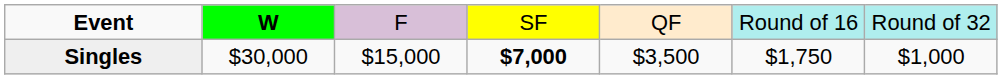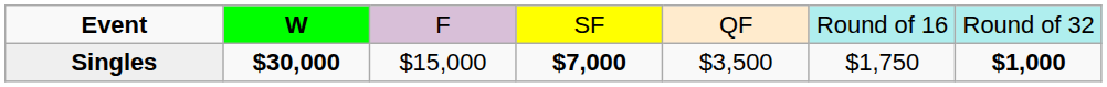 <table class=wikitable style=font-size:95%;text-align:center>
 <tr>
 <td style="width:130px"><strong>Event</strong></td>
 <td style="width:85px; background:lime"><strong>W</strong></td>
 <td style="width:85px; background:thistle">F</td>
 <td style="width:85px; background:#ffff00">SF</td>
 <td style="width:85px; background:#ffebcd">QF</td>
 <td style="width:85px; background:#afeeee">Round of 16</td>
 <td style="width:85px; background:#afeeee">Round of 32</td>
 </tr>
 <tr>
 <th style=background:#efefef>Singles </th>
-<td>$30,000</td>
+<td><strong>$30,000</strong></td>
 <td>$15,000</td>
 <td><strong>$7,000</strong></td>
 <td>$3,500</td>
 <td>$1,750</td>
-<td>$1,000</td>
+<td><strong>$1,000</strong></td>
 </tr>
 </table>
